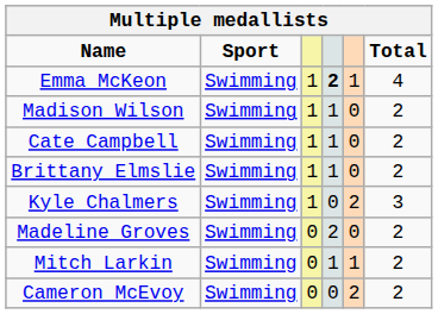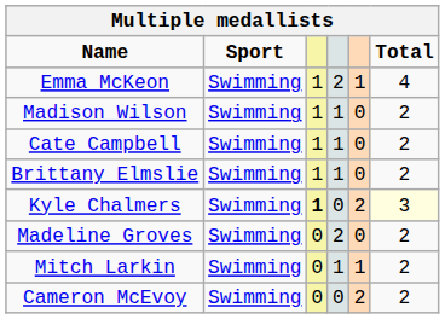 <table class="wikitable" style="font-size:85%; float:right;">
 <tr style="background:#efefef;">
 <th colspan=7>Multiple medallists</th>
 </tr>
 <tr align=center>
 <td><strong>Name</strong></td>
 <td><strong>Sport</strong></td>
 <td style="background:#f7f6a8;"></td>
 <td style="background:#dce5e5;"></td>
 <td style="background:#ffdab9;"></td>
 <td><strong>Total</strong></td>
 </tr>
 <tr align=center>
 <td><a href='#'>Emma McKeon</a></td>
 <td><a href='#'>Swimming</a></td>
 <td style="background:#f7f6a8;">1</td>
-<td style="background:#dce5e5;"><strong>2</strong></td>
+<td style="background:#dce5e5;">2</td>
 <td style="background:#ffdab9;">1</td>
 <td>4</td>
 </tr>
 <tr align=center>
 <td><a href='#'>Madison Wilson</a></td>
 <td><a href='#'>Swimming</a></td>
 <td style="background:#f7f6a8;">1</td>
 <td style="background:#dce5e5;">1</td>
 <td style="background:#ffdab9;">0</td>
 <td>2</td>
 </tr>
 <tr align=center>
 <td><a href='#'>Cate Campbell</a></td>
 <td><a href='#'>Swimming</a></td>
 <td style="background:#f7f6a8;">1</td>
 <td style="background:#dce5e5;">1</td>
 <td style="background:#ffdab9;">0</td>
 <td>2</td>
 </tr>
 <tr align=center>
 <td><a href='#'>Brittany Elmslie</a></td>
 <td><a href='#'>Swimming</a></td>
 <td style="background:#f7f6a8;">1</td>
 <td style="background:#dce5e5;">1</td>
 <td style="background:#ffdab9;">0</td>
 <td>2</td>
 </tr>
 <tr align=center>
 <td><a href='#'>Kyle Chalmers</a></td>
 <td><a href='#'>Swimming</a></td>
-<td style="background:#f7f6a8;">1</td>
+<td style="background:#f7f6a8;"><strong>1</strong></td>
 <td style="background:#dce5e5;">0</td>
 <td style="background:#ffdab9;">2</td>
-<td>3</td>
+<td style="background: lightyellow;">3</td>
 </tr>
 <tr align=center>
 <td><a href='#'>Madeline Groves</a></td>
 <td><a href='#'>Swimming</a></td>
 <td style="background:#f7f6a8;">0</td>
 <td style="background:#dce5e5;">2</td>
 <td style="background:#ffdab9;">0</td>
 <td>2</td>
 </tr>
 <tr align=center>
 <td><a href='#'>Mitch Larkin</a></td>
 <td><a href='#'>Swimming</a></td>
 <td style="background:#f7f6a8;">0</td>
 <td style="background:#dce5e5;">1</td>
 <td style="background:#ffdab9;">1</td>
 <td>2</td>
 </tr>
 <tr align=center>
 <td><a href='#'>Cameron McEvoy</a></td>
 <td><a href='#'>Swimming</a></td>
 <td style="background:#f7f6a8;">0</td>
 <td style="background:#dce5e5;">0</td>
 <td style="background:#ffdab9;">2</td>
 <td>2</td>
 </tr>
 </table>
